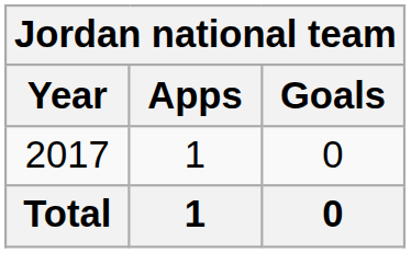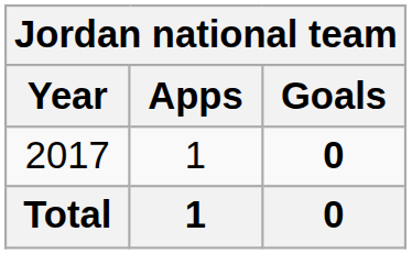 <table class="wikitable" style="text-align:center">
 <tr>
 <th colspan=3>Jordan national team</th>
 </tr>
 <tr>
 <th>Year</th>
 <th>Apps</th>
 <th>Goals</th>
 </tr>
 <tr>
 <td>2017</td>
 <td>1</td>
-<td>0</td>
+<td><strong>0</strong></td>
 </tr>
 <tr>
 <th>Total</th>
 <th>1</th>
 <th>0</th>
 </tr>
 </table>
